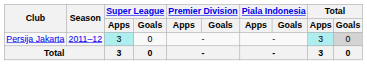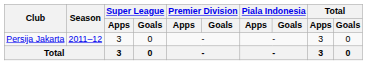 <table class="wikitable" style="font-size:90%; text-align:center;">
 <tr>
 <th rowspan="2">Club</th>
 <th rowspan="2">Season</th>
 <th colspan="2"><a href='#'>Super League</a></th>
 <th colspan="2"><a href='#'>Premier Division</a></th>
 <th colspan="2"><a href='#'>Piala Indonesia</a></th>
 <th colspan="2">Total</th>
 </tr>
 <tr>
 <th>Apps</th>
 <th>Goals</th>
 <th>Apps</th>
 <th>Goals</th>
 <th>Apps</th>
 <th>Goals</th>
 <th>Apps</th>
 <th>Goals</th>
 </tr>
 <tr>
 <td rowspan="1"><a href='#'>Persija Jakarta</a></td>
 <td><a href='#'>2011–12</a></td>
-<td style="background: paleturquoise;">3</td>
+<td>3</td>
 <td>0</td>
 <td colspan="2">-</td>
 <td colspan="2">-</td>
-<td style="background: paleturquoise;">3</td>
-<td style="background: lightgrey;">0</td>
+<td>3</td>
+<td>0</td>
 </tr>
 <tr>
 <th colspan="2">Total</th>
 <th>3</th>
 <th>0</th>
 <th colspan="2">-</th>
 <th colspan="2">-</th>
 <th>3</th>
 <th>0</th>
 </tr>
 </table>
